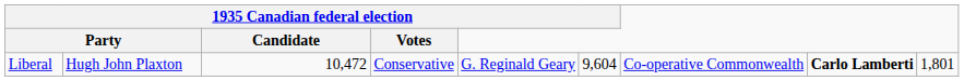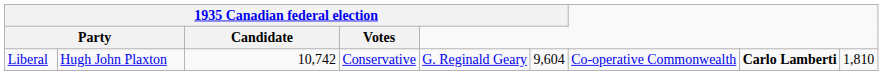 <table class="wikitable">
 <tr style="background:#e9e9e9;">
 <th colspan="6"><a href='#'>1935 Canadian federal election</a></th>
 </tr>
 <tr style="background:#e9e9e9;">
 <th colspan="2" style="width: 200px">Party</th>
 <th style="width: 170px">Candidate</th>
 <th style="width: 40px">Votes</th>
 </tr>
 <tr>
 <td><a href='#'>Liberal</a></td>
 <td><a href='#'>Hugh John Plaxton</a></td>
-<td align="right">10,472<br></td>
+<td align="right">10,742<br></td>
 <td><a href='#'>Conservative</a></td>
 <td><a href='#'>G. Reginald Geary</a></td>
 <td align="right">9,604<br> </td>
 <td><a href='#'>Co-operative Commonwealth</a></td>
 <td><strong>Carlo Lamberti</strong></td>
-<td align="right">1,801<br></td>
+<td align="right">1,810<br></td>
 </tr>
 </table>
